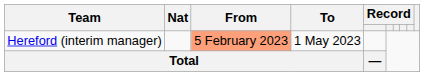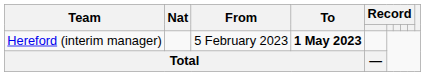 <table class="wikitable" style="text-align: center">
 <tr>
 <th rowspan="2">Team</th>
 <th rowspan="2">Nat</th>
 <th rowspan="2">From</th>
 <th rowspan="2">To</th>
 <th colspan="5">Record</th>
 <th rowspan=2></th>
 </tr>
 <tr>
 <th></th>
 <th></th>
 <th></th>
 <th></th>
 <th></th>
 </tr>
 <tr>
 <td align=left><a href='#'>Hereford</a> (interim manager)</td>
 <td></td>
-<td align=left style="background: lightsalmon;">5 February 2023</td>
-<td align=left>1 May 2023<br></td>
+<td align=left>5 February 2023</td>
+<td align=left><strong>1 May 2023<br></strong></td>
 <td></td>
 </tr>
 <tr>
 <th colspan="4">Total<br></th>
 <th>—</th>
 </tr>
 </table>
